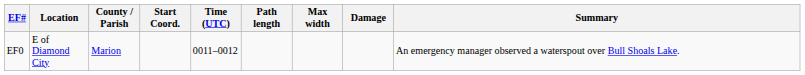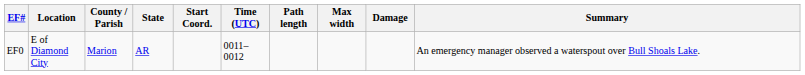 <table class="wikitable sortable" style="width:100%;">
 <tr>
 <th scope="col" width="3%" align="center"><a href='#'>EF#</a></th>
 <th scope="col" width="7%" align="center" class="unsortable">Location</th>
 <th scope="col" width="6%" align="center" class="unsortable">County / Parish</th>
+<th scope="col" width="5%" align="center">State</th>
 <th scope="col" width="6%" align="center">Start Coord.</th>
 <th scope="col" width="6%" align="center">Time (<a href='#'>UTC</a>)</th>
 <th scope="col" width="6%" align="center">Path length</th>
 <th scope="col" width="6%" align="center">Max width</th>
 <th scope="col" width="6%" align="center">Damage</th>
 <th scope="col" width="48%" class="unsortable" align="center">Summary</th>
 </tr>
 <tr>
 <td>EF0</td>
 <td>E of <a href='#'>Diamond City</a></td>
 <td><a href='#'>Marion</a></td>
+<td><a href='#'>AR</a></td>
 <td></td>
 <td>0011–0012</td>
 <td></td>
 <td></td>
 <td></td>
 <td>An emergency manager observed a waterspout over <a href='#'>Bull Shoals Lake</a>.</td>
 </tr>
 </table>
